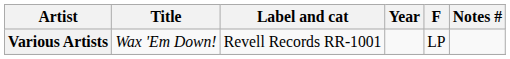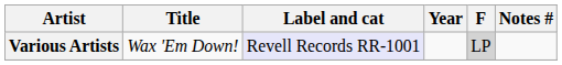 <table class="wikitable plainrowheaders sortable">
 <tr>
 <th scope="col">Artist</th>
 <th scope="col">Title</th>
 <th scope="col">Label and cat</th>
 <th scope="col">Year</th>
 <th scope="col">F</th>
 <th scope="col" class="unsortable">Notes #</th>
 </tr>
 <tr>
 <th scope="row">Various Artists</th>
 <td><em>Wax 'Em Down!</em></td>
-<td>Revell Records RR-1001</td>
+<td style="background: lavender;">Revell Records RR-1001</td>
 <td></td>
-<td>LP</td>
+<td style="background: lightgrey;">LP</td>
 <td></td>
 </tr>
 <tr>
 </tr>
 <tr>
 </tr>
 </table>
